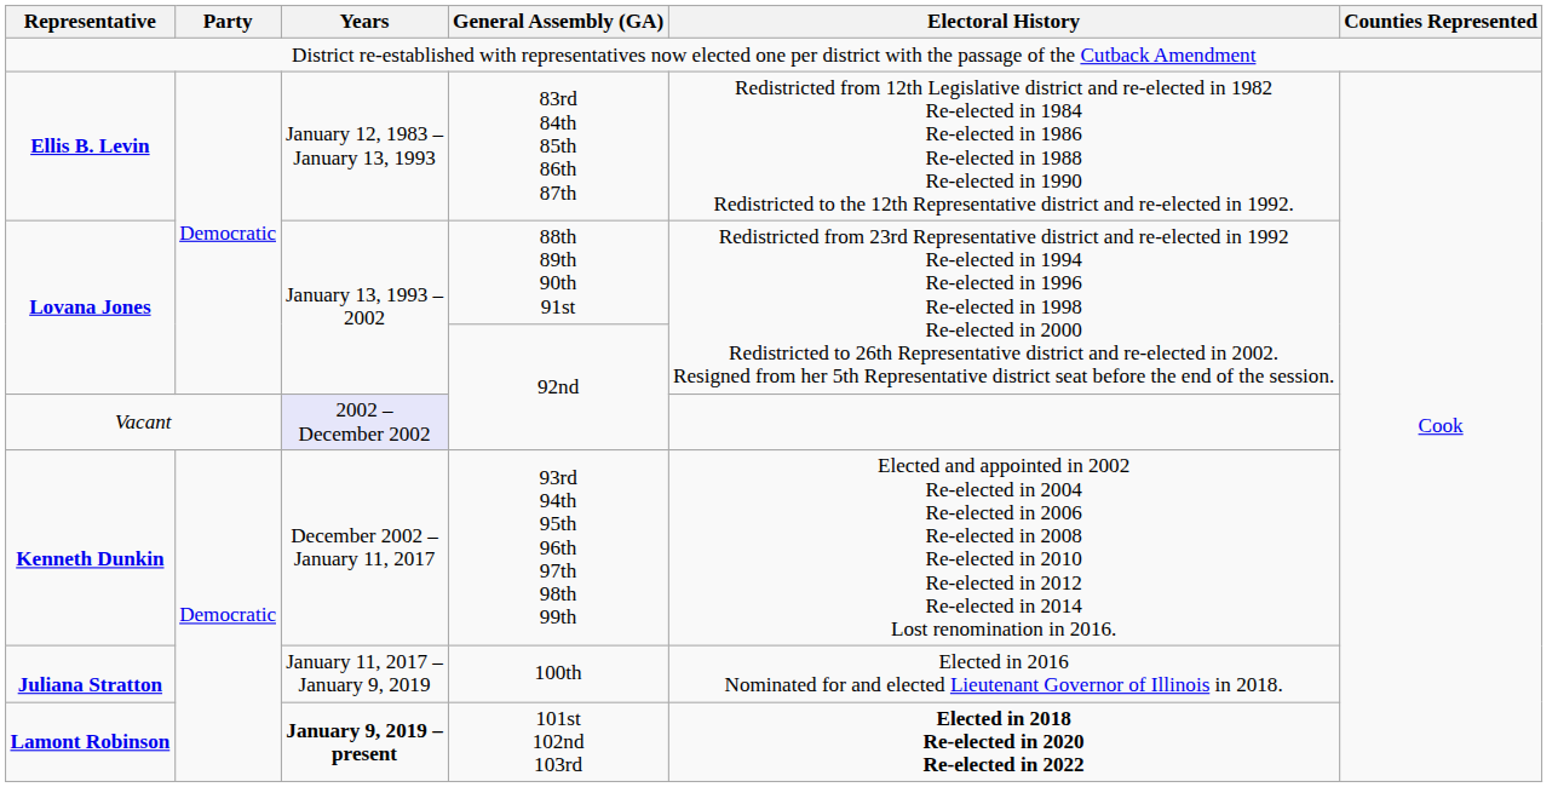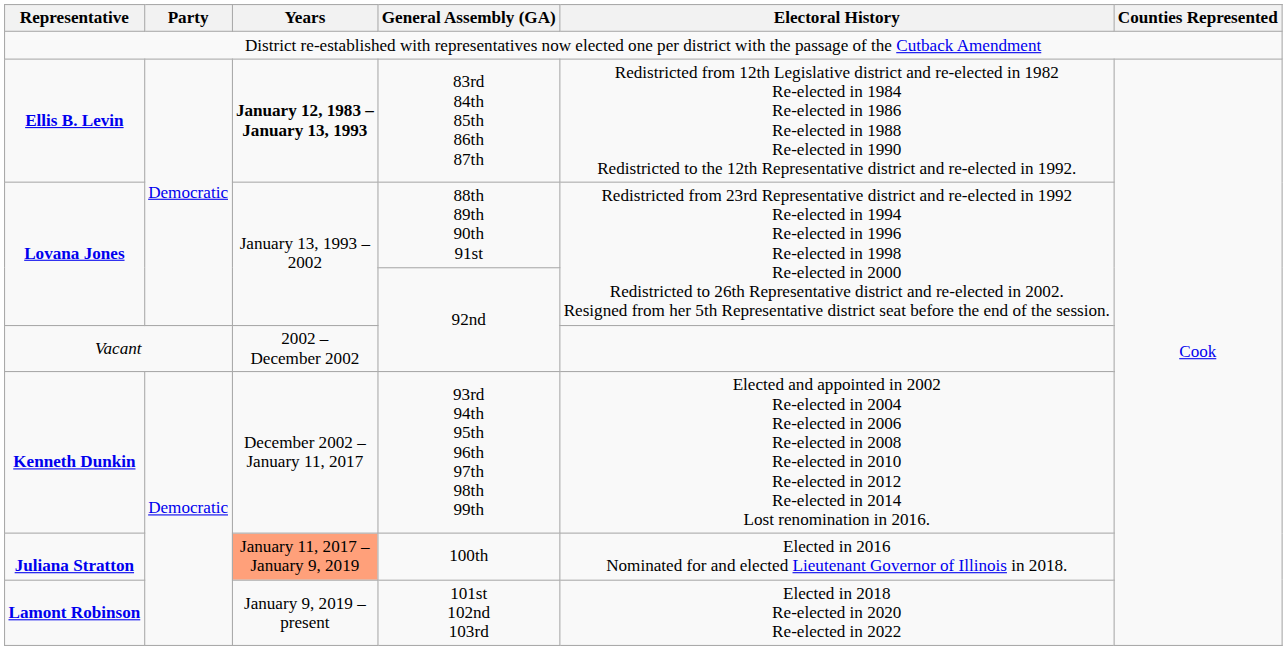 <table class="wikitable" style="text-align:center">
 <tr>
 <th>Representative</th>
 <th>Party</th>
 <th>Years</th>
 <th>General Assembly (GA)</th>
 <th>Electoral History</th>
 <th>Counties Represented</th>
 </tr>
 <tr>
 <td colspan=6>District re-established with representatives now elected one per district with the passage of the <a href='#'>Cutback Amendment</a></td>
 </tr>
 <tr>
 <td><strong><a href='#'>Ellis B. Levin</a></strong></td>
 <td rowspan=3 ><a href='#'>Democratic</a></td>
-<td>January 12, 1983 –<br>January 13, 1993</td>
+<td><strong>January 12, 1983 –<br>January 13, 1993</strong></td>
 <td>83rd<br>84th<br>85th<br>86th<br>87th</td>
 <td>Redistricted from 12th Legislative district and re-elected in 1982<br>Re-elected in 1984<br>Re-elected in 1986<br>Re-elected in 1988<br>Re-elected in 1990<br>Redistricted to the 12th Representative district and re-elected in 1992.</td>
 <td rowspan=8><a href='#'>Cook</a></td>
 </tr>
 <tr>
 <td rowspan=2><strong><a href='#'>Lovana Jones</a></strong></td>
 <td rowspan=2>January 13, 1993 –<br>2002</td>
 <td>88th<br>89th<br>90th<br>91st</td>
 <td rowspan=2>Redistricted from 23rd Representative district and re-elected in 1992<br>Re-elected in 1994<br>Re-elected in 1996<br>Re-elected in 1998<br>Re-elected in 2000<br>Redistricted to 26th Representative district and re-elected in 2002.<br>Resigned from her 5th Representative district seat before the end of the session.</td>
 </tr>
 <tr>
 <td rowspan=3>92nd</td>
 </tr>
 <tr>
 <td colspan=2><em>Vacant</em></td>
-<td style="background: lavender;">2002 –<br>December 2002</td>
+<td>2002 –<br>December 2002</td>
 </tr>
 <tr>
 <td align=center rowspan=2><br><strong><a href='#'>Kenneth Dunkin</a></strong></td>
 <td rowspan=4 ><a href='#'>Democratic</a></td>
 <td rowspan=2>December 2002 –<br>January 11, 2017</td>
 <td rowspan=2>Elected and appointed in 2002<br>Re-elected in 2004<br>Re-elected in 2006<br>Re-elected in 2008<br>Re-elected in 2010<br>Re-elected in 2012<br>Re-elected in 2014<br>Lost renomination in 2016.</td>
 </tr>
 <tr>
 <td>93rd<br>94th<br>95th<br>96th<br>97th<br>98th<br>99th</td>
 </tr>
 <tr>
 <td align=center><br><strong><a href='#'>Juliana Stratton</a></strong></td>
-<td>January 11, 2017 –<br>January 9, 2019</td>
+<td style="background: lightsalmon;">January 11, 2017 –<br>January 9, 2019</td>
 <td>100th</td>
 <td>Elected in 2016<br>Nominated for and elected <a href='#'>Lieutenant Governor of Illinois</a> in 2018.</td>
 </tr>
 <tr>
 <td><strong><a href='#'>Lamont Robinson</a></strong></td>
-<td><strong>January 9, 2019 –<br>present</strong></td>
+<td>January 9, 2019 –<br>present</td>
 <td>101st<br>102nd<br>103rd</td>
-<td><strong>Elected in 2018<br>Re-elected in 2020<br>Re-elected in 2022</strong></td>
+<td>Elected in 2018<br>Re-elected in 2020<br>Re-elected in 2022</td>
 </tr>
 </table>
